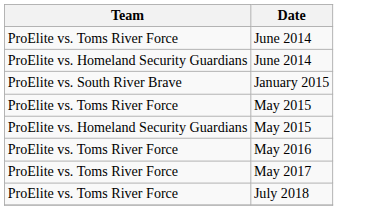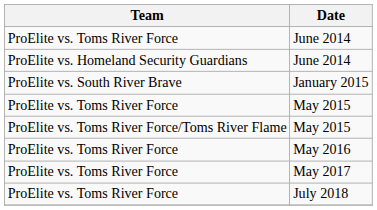 <table class="wikitable">
 <tr>
 <th>Team</th>
 <th>Date</th>
 </tr>
 <tr>
 <td>ProElite vs. Toms River Force</td>
 <td>June 2014</td>
 </tr>
 <tr Pros win 27-14>
 <td>ProElite vs. Homeland Security Guardians</td>
 <td>June 2014</td>
 </tr>
 <tr Pros win 38-20>
 <td>ProElite vs. South River Brave</td>
 <td>January 2015</td>
 </tr>
 <tr Heroes win 28-12>
 <td>ProElite vs. Toms River Force</td>
 <td>May 2015</td>
 </tr>
 <tr Pros win 22-6>
-<td>ProElite vs. Homeland Security Guardians</td>
+<td>ProElite vs. Toms River Force/Toms River Flame</td>
 <td>May 2015</td>
 </tr>
 <tr Pros win 18-13>
 <td>ProElite vs. Toms River Force</td>
 <td>May 2016</td>
 </tr>
 <tr>
 <td>ProElite vs. Toms River Force</td>
 <td>May 2017</td>
 </tr>
 <tr>
 <td>ProElite vs. Toms River Force</td>
 <td>July 2018</td>
 </tr>
 <tr>
 </tr>
 </table>
